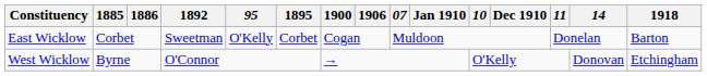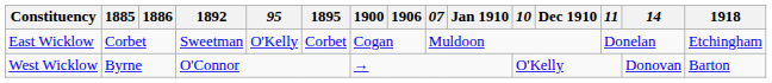 <table class="wikitable">
 <tr>
 <th>Constituency</th>
 <th>1885</th>
 <th>1886</th>
 <th>1892</th>
 <th><em>95</em></th>
 <th>1895</th>
 <th>1900</th>
 <th>1906</th>
 <th><em>07</em></th>
 <th>Jan 1910</th>
 <th><em>10</em></th>
 <th>Dec 1910</th>
 <th><em>11</em></th>
 <th><em>14</em></th>
 <th>1918</th>
 </tr>
 <tr>
 <td><a href='#'>East Wicklow</a></td>
 <td colspan="2"><a href='#'>Corbet</a></td>
 <td><a href='#'>Sweetman</a></td>
 <td><a href='#'>O'Kelly</a></td>
 <td><a href='#'>Corbet</a></td>
 <td colspan="2"><a href='#'>Cogan</a></td>
 <td colspan="4"><a href='#'>Muldoon</a></td>
 <td colspan="2"><a href='#'>Donelan</a></td>
-<td><a href='#'>Barton</a></td>
+<td><a href='#'>Etchingham</a></td>
 </tr>
 <tr>
 <td><a href='#'>West Wicklow</a></td>
 <td colspan="2"><a href='#'>Byrne</a></td>
 <td colspan="3"><a href='#'>O'Connor</a></td>
 <td colspan="4"><a href='#'>→</a></td>
 <td colspan="3"><a href='#'>O'Kelly</a></td>
 <td><a href='#'>Donovan</a></td>
-<td><a href='#'>Etchingham</a></td>
+<td><a href='#'>Barton</a></td>
 </tr>
 </table>
